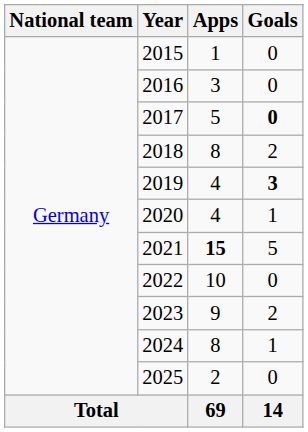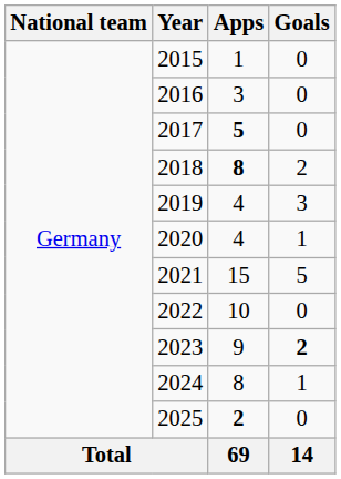 <table class=wikitable style=text-align:center>
 <tr>
 <th>National team</th>
 <th>Year</th>
 <th>Apps</th>
 <th>Goals</th>
 </tr>
 <tr>
 <td rowspan=11><a href='#'>Germany</a></td>
 <td>2015</td>
 <td>1</td>
 <td>0</td>
 </tr>
 <tr>
 <td>2016</td>
 <td>3</td>
 <td>0</td>
 </tr>
 <tr>
 <td>2017</td>
-<td>5</td>
-<td><strong>0</strong></td>
+<td><strong>5</strong></td>
+<td>0</td>
 </tr>
 <tr>
 <td>2018</td>
-<td>8</td>
+<td><strong>8</strong></td>
 <td>2</td>
 </tr>
 <tr>
 <td>2019</td>
 <td>4</td>
-<td><strong>3</strong></td>
+<td>3</td>
 </tr>
 <tr>
 <td>2020</td>
 <td>4</td>
 <td>1</td>
 </tr>
 <tr>
 <td>2021</td>
-<td><strong>15</strong></td>
+<td>15</td>
 <td>5</td>
 </tr>
 <tr>
 <td>2022</td>
 <td>10</td>
 <td>0</td>
 </tr>
 <tr>
 <td>2023</td>
 <td>9</td>
-<td>2</td>
+<td><strong>2</strong></td>
 </tr>
 <tr>
 <td>2024</td>
 <td>8</td>
 <td>1</td>
 </tr>
 <tr>
 <td>2025</td>
-<td>2</td>
+<td><strong>2</strong></td>
 <td>0</td>
 </tr>
 <tr>
 <th colspan=2>Total</th>
 <th>69</th>
 <th>14</th>
 </tr>
 </table>
